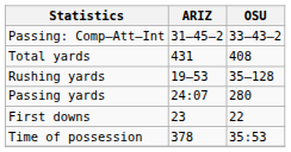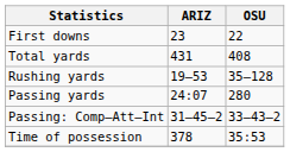 <table class="wikitable" style="float: left;">
 <tr>
 <th>Statistics</th>
 <th>ARIZ</th>
 <th>OSU</th>
 </tr>
 <tr>
-<td>Passing: Comp–Att–Int</td>
-<td>31–45–2</td>
-<td>33–43–2</td>
+<td>First downs</td>
+<td>23</td>
+<td>22</td>
 </tr>
 <tr>
 <td>Total yards</td>
 <td>431</td>
 <td>408</td>
 </tr>
 <tr>
 <td>Rushing yards</td>
 <td>19–53</td>
 <td>35–128</td>
 </tr>
 <tr>
 <td>Passing yards</td>
 <td>24:07</td>
 <td>280</td>
 </tr>
 <tr>
-<td>First downs</td>
-<td>23</td>
-<td>22</td>
+<td>Passing: Comp–Att–Int</td>
+<td>31–45–2</td>
+<td>33–43–2</td>
 </tr>
 <tr>
 <td>Time of possession</td>
 <td>378</td>
 <td>35:53</td>
 </tr>
 <tr>
 </tr>
 </table>
